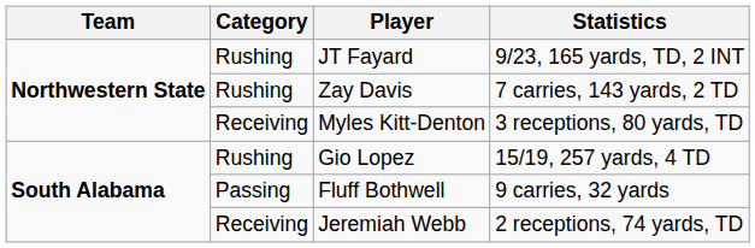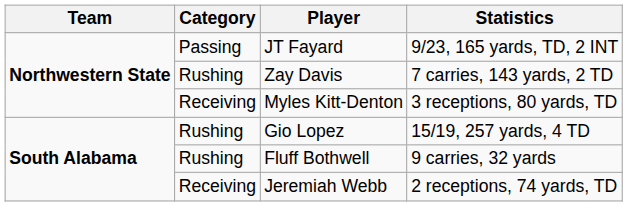 <table class="wikitable" style="float: right;">
 <tr>
 <th>Team</th>
 <th>Category</th>
 <th>Player</th>
 <th>Statistics</th>
 </tr>
 <tr>
 <td rowspan=3><strong>Northwestern State</strong></td>
-<td>Rushing</td>
+<td>Passing</td>
 <td>JT Fayard</td>
 <td>9/23, 165 yards, TD, 2 INT</td>
 </tr>
 <tr>
 <td>Rushing</td>
 <td>Zay Davis</td>
 <td>7 carries, 143 yards, 2 TD</td>
 </tr>
 <tr>
 <td>Receiving</td>
 <td>Myles Kitt-Denton</td>
 <td>3 receptions, 80 yards, TD</td>
 </tr>
 <tr>
 <td rowspan=3><strong>South Alabama</strong></td>
 <td>Rushing</td>
 <td>Gio Lopez</td>
 <td>15/19, 257 yards, 4 TD</td>
 </tr>
 <tr>
-<td>Passing</td>
+<td>Rushing</td>
 <td>Fluff Bothwell</td>
 <td>9 carries, 32 yards</td>
 </tr>
 <tr>
 <td>Receiving</td>
 <td>Jeremiah Webb</td>
 <td>2 receptions, 74 yards, TD</td>
 </tr>
 </table>
